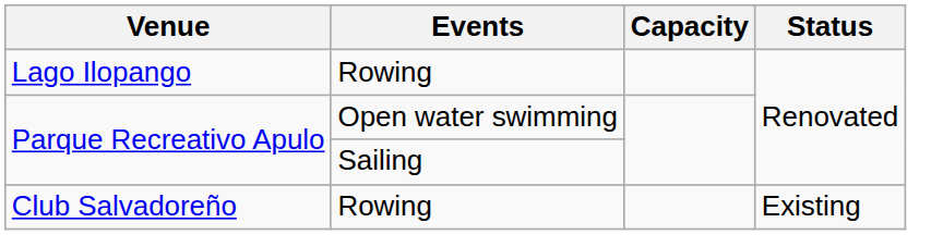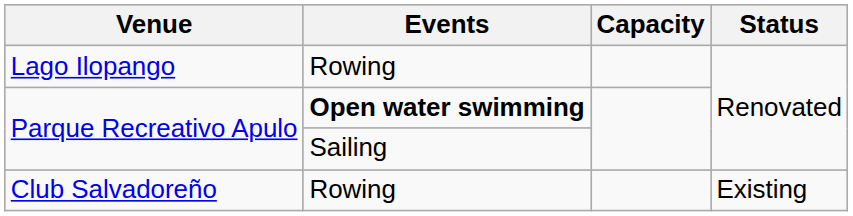 <table class="wikitable sortable">
 <tr>
 <th>Venue</th>
 <th>Events</th>
 <th>Capacity</th>
 <th>Status</th>
 </tr>
 <tr>
 <td><a href='#'>Lago Ilopango</a></td>
 <td>Rowing</td>
 <td></td>
 <td rowspan=3>Renovated</td>
 </tr>
 <tr>
 <td rowspan=2><a href='#'>Parque Recreativo Apulo</a></td>
-<td>Open water swimming</td>
+<td><strong>Open water swimming</strong></td>
 <td rowspan=2></td>
 </tr>
 <tr>
 <td>Sailing</td>
 </tr>
 <tr>
 <td><a href='#'>Club Salvadoreño</a></td>
 <td>Rowing</td>
 <td></td>
 <td rowspan=2>Existing</td>
 </tr>
 </table>
